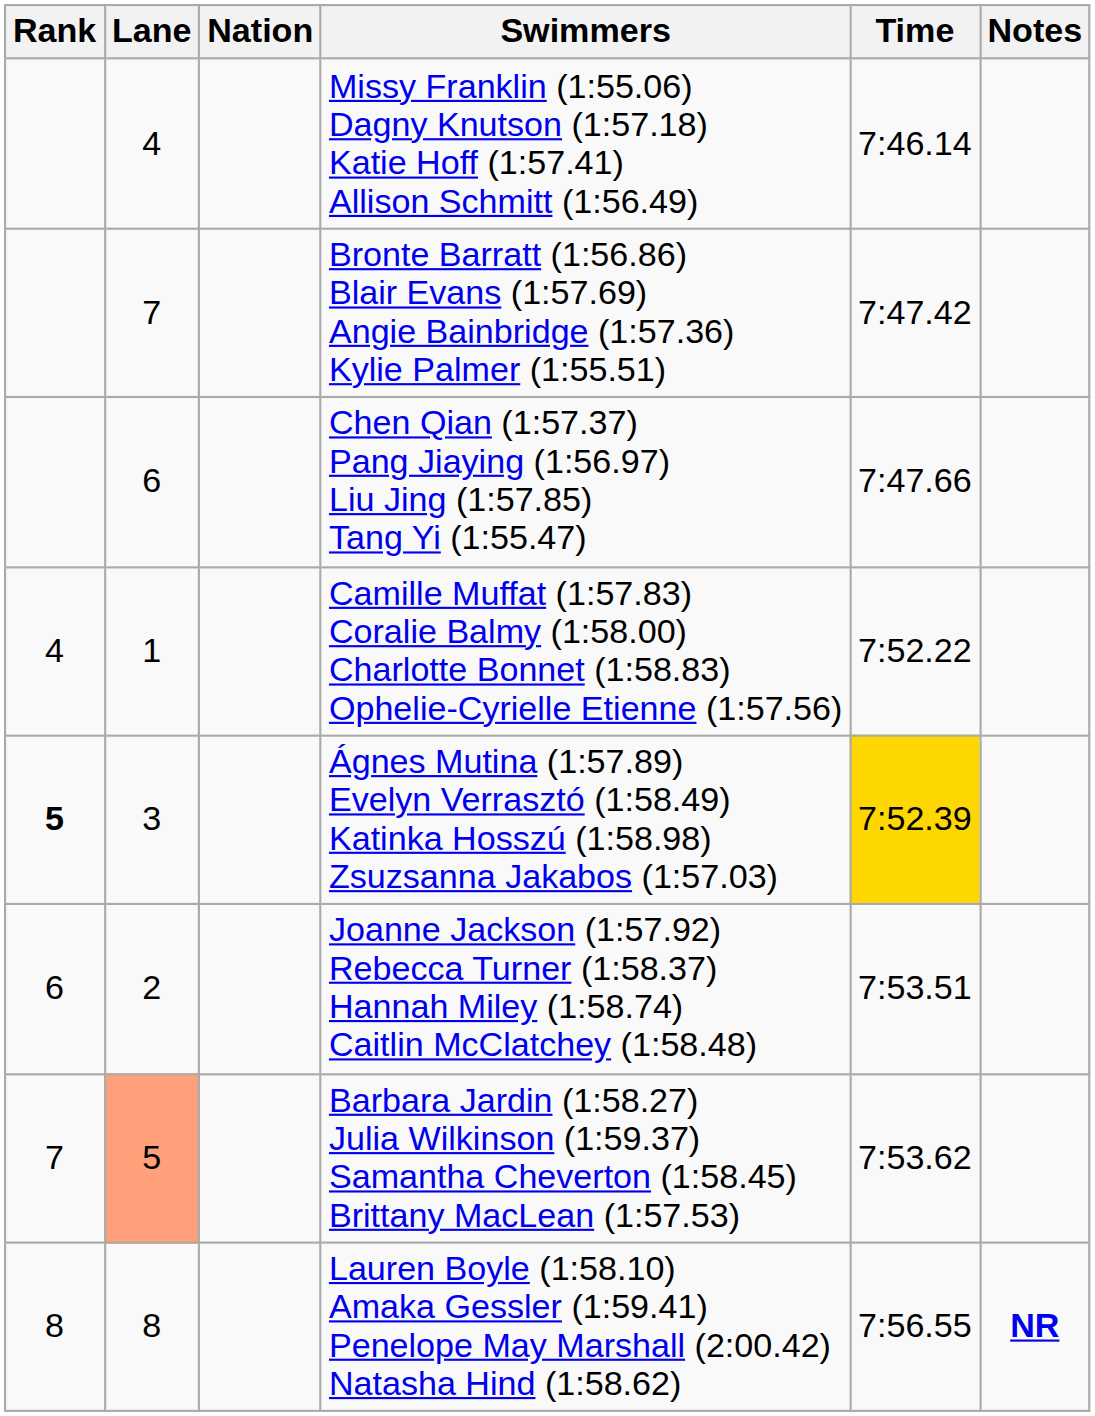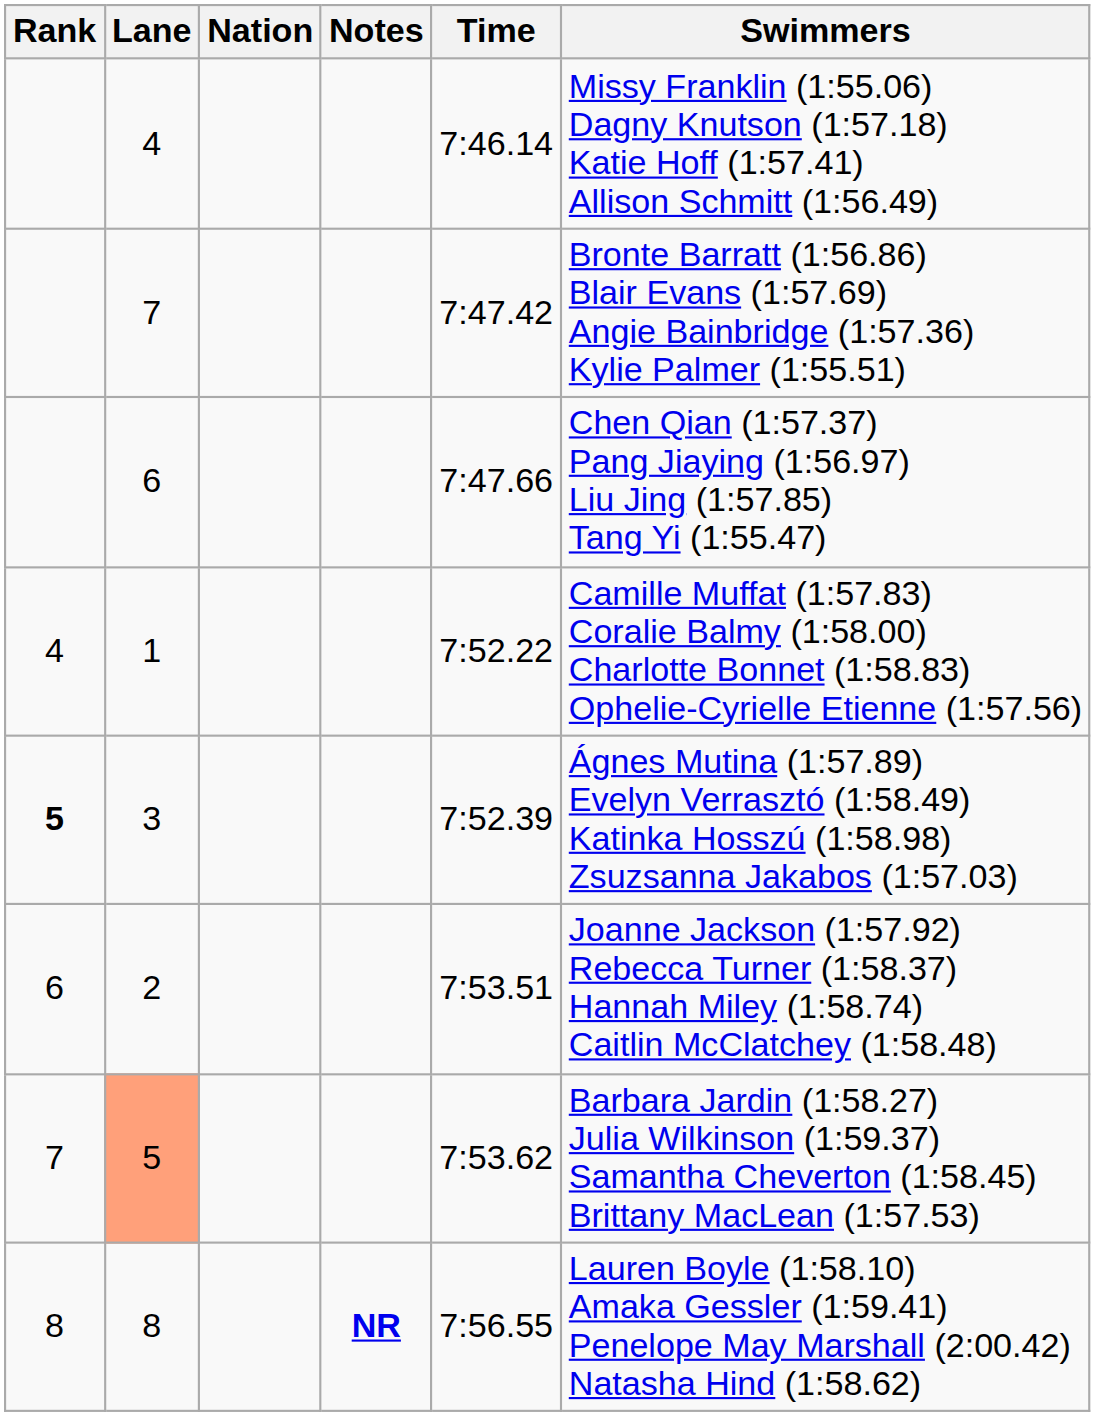 <table class="wikitable sortable" style="text-align:center">
 <tr>
 <th>Rank</th>
 <th>Lane</th>
 <th>Nation</th>
+<th>Notes</th>
+<th>Time</th>
 <th>Swimmers</th>
-<th>Time</th>
-<th>Notes</th>
 </tr>
 <tr>
 <td></td>
 <td>4</td>
 <td align=left></td>
+<td></td>
+<td>7:46.14</td>
 <td align=left><a href='#'>Missy Franklin</a> (1:55.06)<br><a href='#'>Dagny Knutson</a> (1:57.18)<br><a href='#'>Katie Hoff</a> (1:57.41)<br><a href='#'>Allison Schmitt</a> (1:56.49)</td>
-<td>7:46.14</td>
-<td></td>
 </tr>
 <tr>
 <td></td>
 <td>7</td>
 <td align=left></td>
+<td></td>
+<td>7:47.42</td>
 <td align=left><a href='#'>Bronte Barratt</a> (1:56.86)<br><a href='#'>Blair Evans</a> (1:57.69)<br><a href='#'>Angie Bainbridge</a> (1:57.36)<br><a href='#'>Kylie Palmer</a> (1:55.51)</td>
-<td>7:47.42</td>
-<td></td>
 </tr>
 <tr>
 <td></td>
 <td>6</td>
 <td align=left></td>
+<td></td>
+<td>7:47.66</td>
 <td align=left><a href='#'>Chen Qian</a> (1:57.37)<br><a href='#'>Pang Jiaying</a> (1:56.97)<br><a href='#'>Liu Jing</a> (1:57.85)<br><a href='#'>Tang Yi</a> (1:55.47)</td>
-<td>7:47.66</td>
-<td></td>
 </tr>
 <tr>
 <td>4</td>
 <td>1</td>
 <td align=left></td>
+<td></td>
+<td>7:52.22</td>
 <td align=left><a href='#'>Camille Muffat</a> (1:57.83)<br><a href='#'>Coralie Balmy</a> (1:58.00)<br><a href='#'>Charlotte Bonnet</a> (1:58.83)<br><a href='#'>Ophelie-Cyrielle Etienne</a> (1:57.56)</td>
-<td>7:52.22</td>
-<td></td>
 </tr>
 <tr>
 <td><strong>5</strong></td>
 <td>3</td>
 <td align=left></td>
+<td></td>
+<td>7:52.39</td>
 <td align=left><a href='#'>Ágnes Mutina</a> (1:57.89)<br><a href='#'>Evelyn Verrasztó</a> (1:58.49)<br><a href='#'>Katinka Hosszú</a> (1:58.98)<br><a href='#'>Zsuzsanna Jakabos</a> (1:57.03)</td>
-<td style="background: gold;">7:52.39</td>
-<td></td>
 </tr>
 <tr>
 <td>6</td>
 <td>2</td>
 <td align=left></td>
+<td></td>
+<td>7:53.51</td>
 <td align=left><a href='#'>Joanne Jackson</a> (1:57.92)<br><a href='#'>Rebecca Turner</a> (1:58.37)<br><a href='#'>Hannah Miley</a> (1:58.74)<br><a href='#'>Caitlin McClatchey</a> (1:58.48)</td>
-<td>7:53.51</td>
-<td></td>
 </tr>
 <tr>
 <td>7</td>
 <td style="background: lightsalmon;">5</td>
 <td align=left></td>
+<td></td>
+<td>7:53.62</td>
 <td align=left><a href='#'>Barbara Jardin</a> (1:58.27)<br><a href='#'>Julia Wilkinson</a> (1:59.37)<br><a href='#'>Samantha Cheverton</a> (1:58.45)<br><a href='#'>Brittany MacLean</a> (1:57.53)</td>
-<td>7:53.62</td>
-<td></td>
 </tr>
 <tr>
 <td>8</td>
 <td>8</td>
 <td align=left></td>
+<td><strong><a href='#'>NR</a></strong></td>
+<td>7:56.55</td>
 <td align=left><a href='#'>Lauren Boyle</a> (1:58.10)<br><a href='#'>Amaka Gessler</a> (1:59.41)<br><a href='#'>Penelope May Marshall</a> (2:00.42)<br><a href='#'>Natasha Hind</a> (1:58.62)</td>
-<td>7:56.55</td>
-<td><strong><a href='#'>NR</a></strong></td>
 </tr>
 </table>
